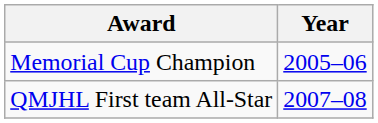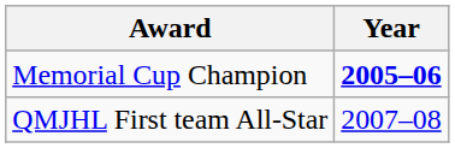 <table class="wikitable">
 <tr>
 <th>Award</th>
 <th>Year</th>
 </tr>
 <tr>
 <td><a href='#'>Memorial Cup</a> Champion</td>
-<td><a href='#'>2005–06</a></td>
+<td><strong><a href='#'>2005–06</a></strong></td>
 </tr>
 <tr>
 <td><a href='#'>QMJHL</a> First team All-Star</td>
 <td><a href='#'>2007–08</a></td>
 </tr>
 </table>
